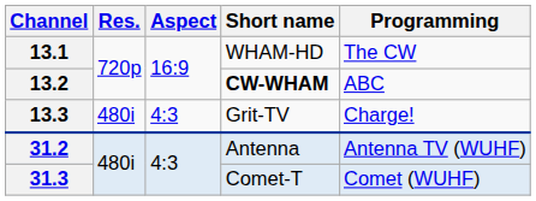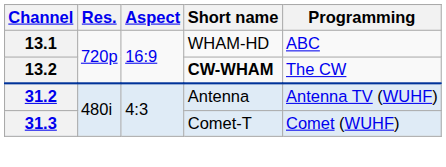 <table class="wikitable">
 <tr>
 <th scope = "col"><a href='#'>Channel</a></th>
 <th scope = "col"><a href='#'>Res.</a></th>
 <th scope = "col"><a href='#'>Aspect</a></th>
 <th scope = "col">Short name</th>
 <th scope = "col">Programming</th>
 </tr>
 <tr>
 <th scope = "row">13.1</th>
 <td rowspan=2><a href='#'>720p</a></td>
 <td rowspan=2><a href='#'>16:9</a></td>
 <td>WHAM-HD</td>
-<td><a href='#'>The CW</a></td>
+<td><a href='#'>ABC</a></td>
 </tr>
 <tr>
 <th scope = "row">13.2</th>
 <td><strong>CW-WHAM</strong></td>
-<td><a href='#'>ABC</a></td>
-</tr>
-<tr>
-<th scope = "row">13.3</th>
-<td><a href='#'>480i</a></td>
-<td><a href='#'>4:3</a></td>
-<td>Grit-TV</td>
-<td><a href='#'>Charge!</a></td>
+<td><a href='#'>The CW</a></td>
 </tr>
 <tr style="background-color:#DFEBF6; border-top: 2px solid #003399;">
 <th scope = "row"><a href='#'>31.2</a></th>
 <td rowspan=2>480i</td>
 <td rowspan=2>4:3</td>
 <td>Antenna</td>
 <td><a href='#'>Antenna TV</a> (<a href='#'>WUHF</a>)</td>
 </tr>
 <tr style="background-color:#DFEBF6;">
 <th scope = "row"><a href='#'>31.3</a></th>
 <td>Comet-T</td>
 <td><a href='#'>Comet</a> (<a href='#'>WUHF</a>)</td>
 </tr>
 </table>
